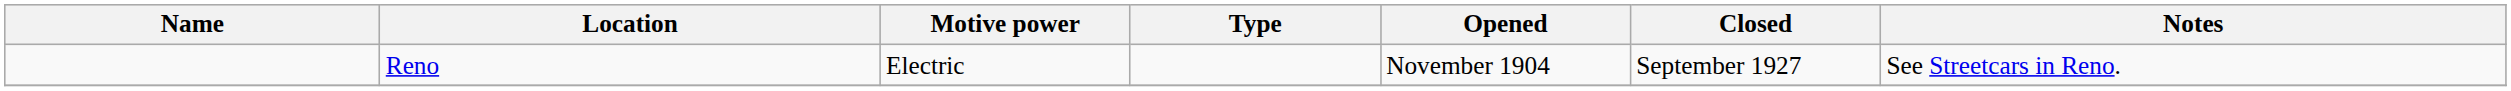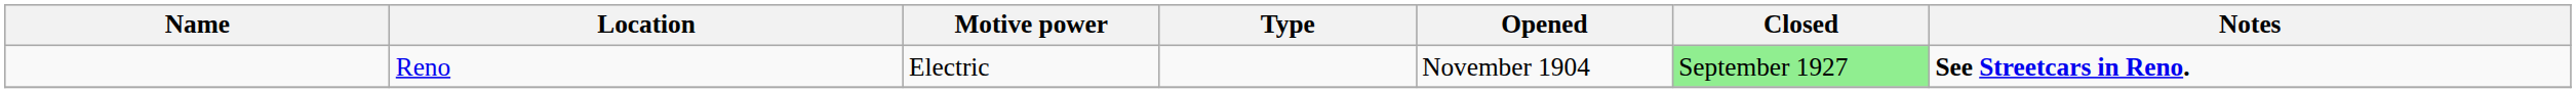 <table class="wikitable sortable" width=100%>
 <tr>
 <th width=15%>Name</th>
 <th width=20%>Location</th>
 <th width=10%>Motive power</th>
 <th width=10%>Type</th>
 <th width=10%>Opened</th>
 <th width=10%>Closed</th>
 <th class="unsortable" width=25%>Notes</th>
 </tr>
 <tr>
 <td> </td>
 <td><a href='#'>Reno</a></td>
 <td>Electric</td>
 <td> </td>
 <td>November 1904</td>
-<td>September 1927</td>
-<td>See <a href='#'>Streetcars in Reno</a>.</td>
+<td style="background: lightgreen;">September 1927</td>
+<td><strong>See <a href='#'>Streetcars in Reno</a>.</strong></td>
 </tr>
 <tr>
 </tr>
 </table>
